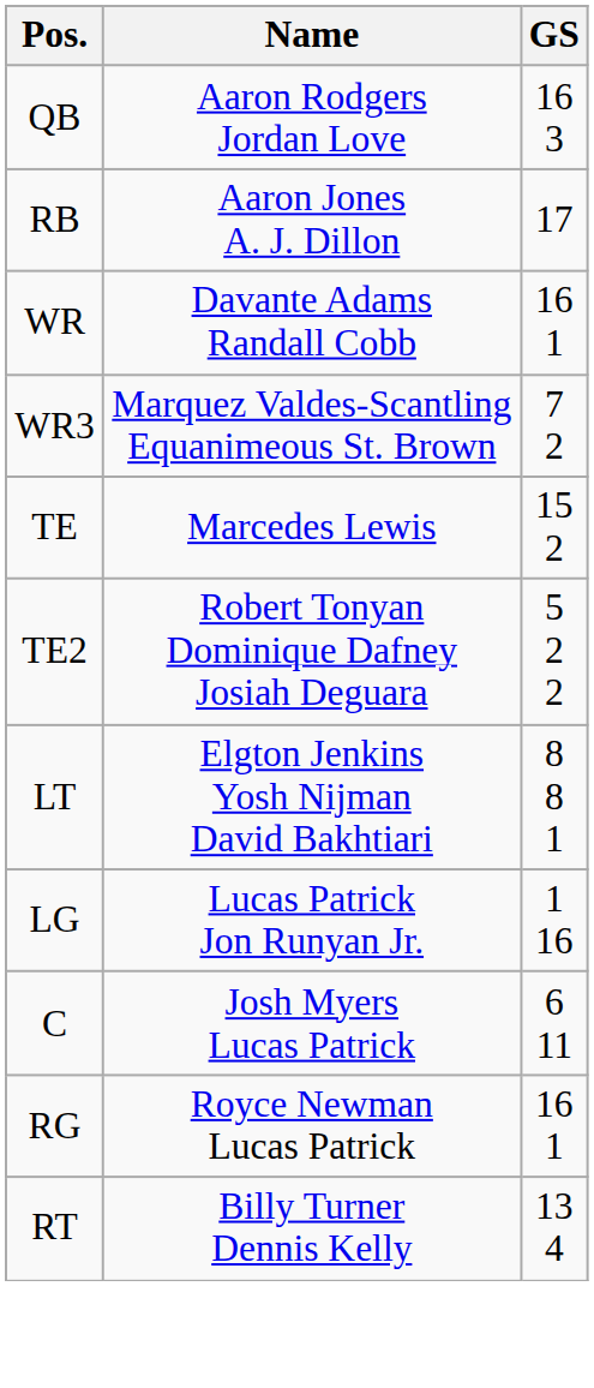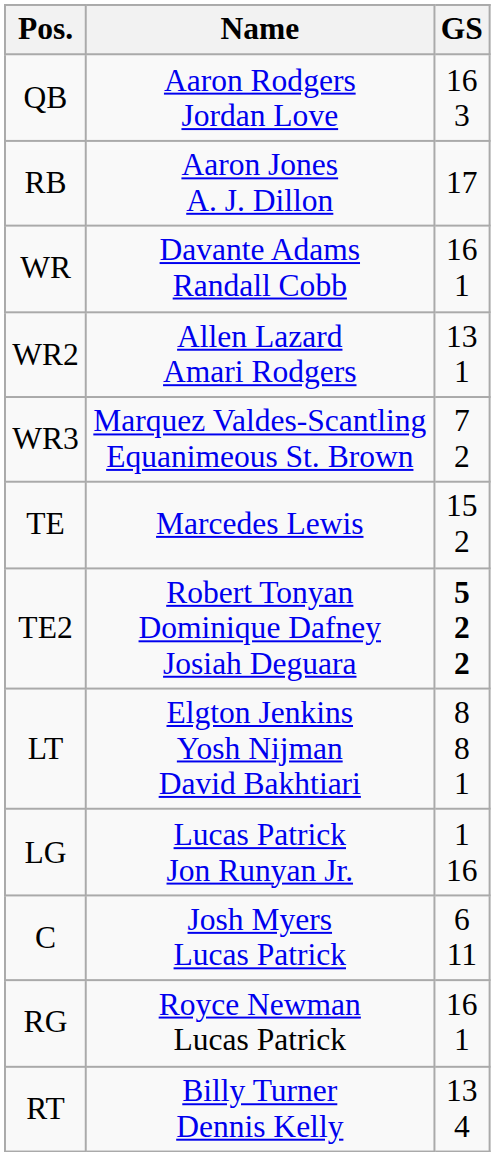 <table class="wikitable" style="text-align:center">
 <tr>
 <th>Pos.</th>
 <th>Name</th>
 <th>GS</th>
 </tr>
 <tr>
 <td>QB</td>
 <td><a href='#'>Aaron Rodgers</a><br><a href='#'>Jordan Love</a></td>
 <td>16<br>3</td>
 </tr>
 <tr>
 <td>RB</td>
 <td><a href='#'>Aaron Jones</a><br><a href='#'>A. J. Dillon</a></td>
 <td>17</td>
 </tr>
 <tr>
 <td>WR</td>
 <td><a href='#'>Davante Adams</a><br><a href='#'>Randall Cobb</a></td>
 <td>16<br>1</td>
 </tr>
 <tr>
+<td>WR2</td>
+<td><a href='#'>Allen Lazard</a><br><a href='#'>Amari Rodgers</a></td>
+<td>13<br>1</td>
+</tr>
+<tr>
 <td>WR3</td>
 <td><a href='#'>Marquez Valdes-Scantling</a><br><a href='#'>Equanimeous St. Brown</a></td>
 <td>7<br>2</td>
 </tr>
 <tr>
 <td>TE</td>
 <td><a href='#'>Marcedes Lewis</a></td>
 <td>15<br>2</td>
 </tr>
 <tr>
 <td>TE2</td>
 <td><a href='#'>Robert Tonyan</a><br><a href='#'>Dominique Dafney</a><br><a href='#'>Josiah Deguara</a></td>
-<td>5<br>2<br>2</td>
+<td><strong>5<br>2<br>2</strong></td>
 </tr>
 <tr>
 <td>LT</td>
 <td><a href='#'>Elgton Jenkins</a><br><a href='#'>Yosh Nijman</a><br><a href='#'>David Bakhtiari</a></td>
 <td>8<br>8<br>1</td>
 </tr>
 <tr>
 <td>LG</td>
 <td><a href='#'>Lucas Patrick</a><br><a href='#'>Jon Runyan Jr.</a></td>
 <td>1<br>16</td>
 </tr>
 <tr>
 <td>C</td>
 <td><a href='#'>Josh Myers</a><br><a href='#'>Lucas Patrick</a></td>
 <td>6<br>11</td>
 </tr>
 <tr>
 <td>RG</td>
 <td><a href='#'>Royce Newman</a><br>Lucas Patrick</td>
 <td>16<br>1</td>
 </tr>
 <tr>
 <td>RT</td>
 <td><a href='#'>Billy Turner</a><br><a href='#'>Dennis Kelly</a></td>
 <td>13<br>4</td>
 </tr>
 </table>
